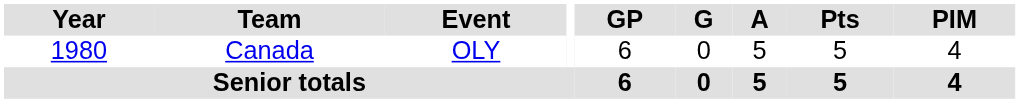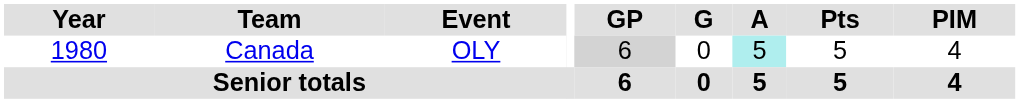 <table border="0" cellpadding="1" cellspacing="0" ID="Table3" style="text-align:center; width:40em">
 <tr bgcolor="#e0e0e0">
 <th>Year</th>
 <th>Team</th>
 <th>Event</th>
 <th rowspan="102" bgcolor="#ffffff"></th>
 <th>GP</th>
 <th>G</th>
 <th>A</th>
 <th>Pts</th>
 <th>PIM</th>
 </tr>
 <tr>
 <td><a href='#'>1980</a></td>
 <td><a href='#'>Canada</a></td>
 <td><a href='#'>OLY</a></td>
-<td>6</td>
+<td style="background: lightgrey;">6</td>
 <td>0</td>
-<td>5</td>
+<td style="background: paleturquoise;">5</td>
 <td>5</td>
 <td>4</td>
 </tr>
 <tr bgcolor="#e0e0e0">
 <th colspan="4">Senior totals</th>
 <th>6</th>
 <th>0</th>
 <th>5</th>
 <th>5</th>
 <th>4</th>
 </tr>
 </table>
